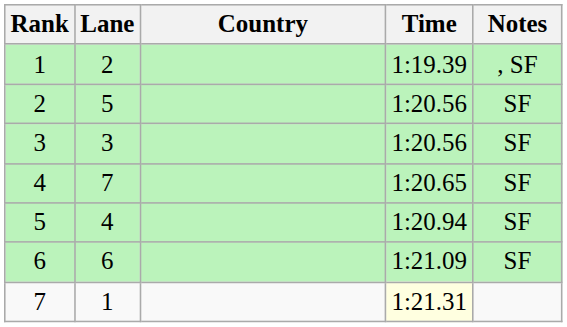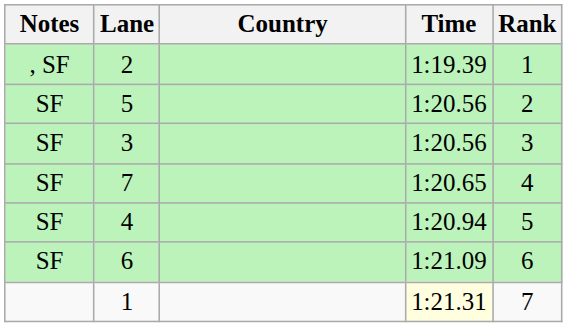 <table class="wikitable" style="text-align:center;">
 <tr>
-<th width=30>Rank</th>
+<th width=50>Notes</th>
 <th width=30>Lane</th>
 <th width=150>Country</th>
 <th width=30>Time</th>
-<th width=50>Notes</th>
+<th width=30>Rank</th>
 </tr>
 <tr bgcolor=bbf3bb>
-<td>1</td>
+<td>, SF</td>
 <td>2</td>
 <td align=left></td>
 <td>1:19.39</td>
-<td>, SF</td>
+<td>1</td>
 </tr>
 <tr bgcolor=bbf3bb>
-<td>2</td>
+<td>SF</td>
 <td>5</td>
 <td align=left></td>
 <td>1:20.56</td>
-<td>SF</td>
+<td>2</td>
 </tr>
 <tr bgcolor=bbf3bb>
-<td>3</td>
+<td>SF</td>
 <td>3</td>
 <td align=left></td>
 <td>1:20.56</td>
-<td>SF</td>
+<td>3</td>
 </tr>
 <tr bgcolor=bbf3bb>
-<td>4</td>
+<td>SF</td>
 <td>7</td>
 <td align=left></td>
 <td>1:20.65</td>
-<td>SF</td>
+<td>4</td>
 </tr>
 <tr bgcolor=bbf3bb>
-<td>5</td>
+<td>SF</td>
 <td>4</td>
 <td align=left></td>
 <td>1:20.94</td>
-<td>SF</td>
+<td>5</td>
 </tr>
 <tr bgcolor=bbf3bb>
-<td>6</td>
+<td>SF</td>
 <td>6</td>
 <td align=left></td>
 <td>1:21.09</td>
-<td>SF</td>
+<td>6</td>
 </tr>
 <tr>
-<td>7</td>
+<td></td>
 <td>1</td>
 <td align=left></td>
 <td style="background: lightyellow;">1:21.31</td>
-<td></td>
+<td>7</td>
 </tr>
 </table>
